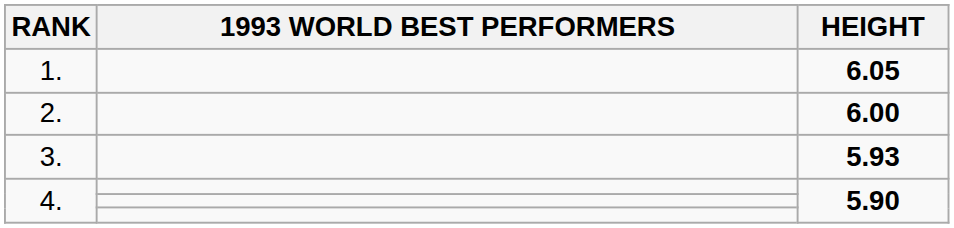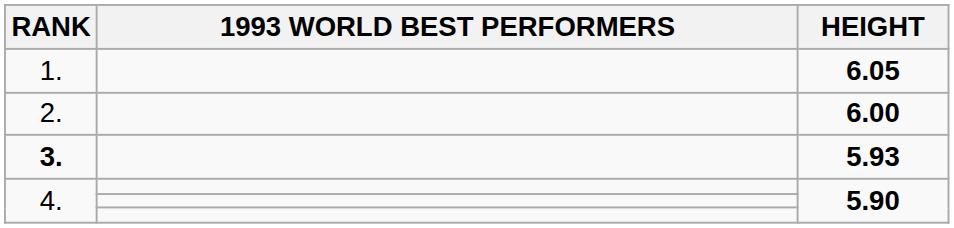 <table class="wikitable" style="border-collapse: collapse; font-size: 90%;">
 <tr>
 <th>RANK</th>
 <th align="center" style="width: 25em">1993 WORLD BEST PERFORMERS</th>
 <th align="center" style="width: 5em">HEIGHT</th>
 </tr>
 <tr>
 <td align="center">1.</td>
 <td></td>
 <td align="center"><strong>6.05</strong></td>
 </tr>
 <tr>
 <td align="center">2.</td>
 <td></td>
 <td align="center"><strong>6.00</strong></td>
 </tr>
 <tr>
-<td align="center">3.</td>
+<td align="center"><strong>3.</strong></td>
 <td></td>
 <td align="center"><strong>5.93</strong></td>
 </tr>
 <tr>
 <td rowspan=3 align="center">4.</td>
 <td></td>
 <td rowspan=3 align="center"><strong>5.90</strong></td>
 </tr>
 <tr>
 <td></td>
 </tr>
 <tr>
 <td></td>
 </tr>
 </table>
